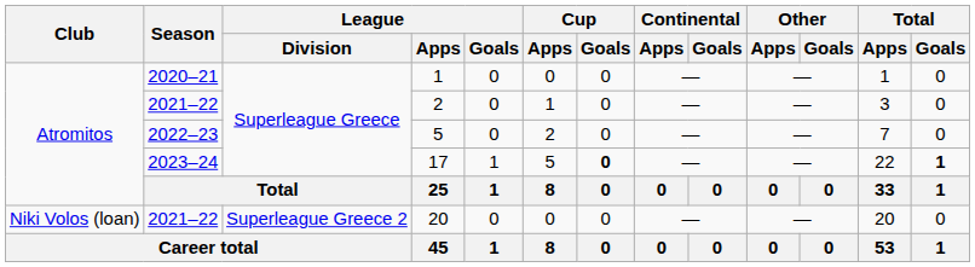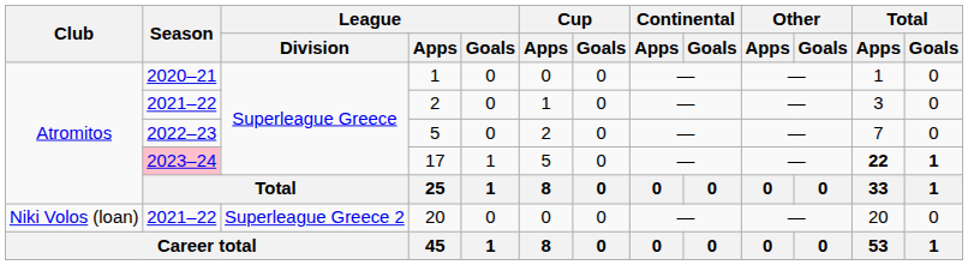 <table class="wikitable" style="text-align:center">
 <tr>
 <th rowspan=2>Club</th>
 <th rowspan=2>Season</th>
 <th colspan=3>League</th>
 <th colspan=2>Cup</th>
 <th colspan=2>Continental</th>
 <th colspan=2>Other</th>
 <th colspan=2>Total</th>
 </tr>
 <tr>
 <th>Division</th>
 <th>Apps</th>
 <th>Goals</th>
 <th>Apps</th>
 <th>Goals</th>
 <th>Apps</th>
 <th>Goals</th>
 <th>Apps</th>
 <th>Goals</th>
 <th>Apps</th>
 <th>Goals</th>
 </tr>
 <tr>
 <td rowspan="5"><a href='#'>Atromitos</a></td>
 <td><a href='#'>2020–21</a></td>
 <td rowspan="4"><a href='#'>Superleague Greece</a></td>
 <td>1</td>
 <td>0</td>
 <td>0</td>
 <td>0</td>
 <td colspan="2">—</td>
 <td colspan="2">—</td>
 <td>1</td>
 <td>0</td>
 </tr>
 <tr>
 <td><a href='#'>2021–22</a></td>
 <td>2</td>
 <td>0</td>
 <td>1</td>
 <td>0</td>
 <td colspan="2">—</td>
 <td colspan="2">—</td>
 <td>3</td>
 <td>0</td>
 </tr>
 <tr>
 <td><a href='#'>2022–23</a></td>
 <td>5</td>
 <td>0</td>
 <td>2</td>
 <td>0</td>
 <td colspan="2">—</td>
 <td colspan="2">—</td>
 <td>7</td>
 <td>0</td>
 </tr>
 <tr>
-<td><a href='#'>2023–24</a></td>
+<td style="background: pink;"><a href='#'>2023–24</a></td>
 <td>17</td>
 <td>1</td>
 <td>5</td>
-<td><strong>0</strong></td>
+<td>0</td>
 <td colspan="2">—</td>
 <td colspan="2">—</td>
-<td>22</td>
+<td><strong>22</strong></td>
 <td><strong>1</strong></td>
 </tr>
 <tr>
 <th colspan="2">Total</th>
 <th>25</th>
 <th>1</th>
 <th>8</th>
 <th>0</th>
 <th>0</th>
 <th>0</th>
 <th>0</th>
 <th>0</th>
 <th>33</th>
 <th>1</th>
 </tr>
 <tr>
 <td><a href='#'>Niki Volos</a> (loan)</td>
 <td><a href='#'>2021–22</a></td>
 <td><a href='#'>Superleague Greece 2</a></td>
 <td>20</td>
 <td>0</td>
 <td>0</td>
 <td>0</td>
 <td colspan="2">—</td>
 <td colspan="2">—</td>
 <td>20</td>
 <td>0</td>
 </tr>
 <tr>
 <th colspan="3">Career total</th>
 <th>45</th>
 <th>1</th>
 <th>8</th>
 <th>0</th>
 <th>0</th>
 <th>0</th>
 <th>0</th>
 <th>0</th>
 <th>53</th>
 <th>1</th>
 </tr>
 </table>
